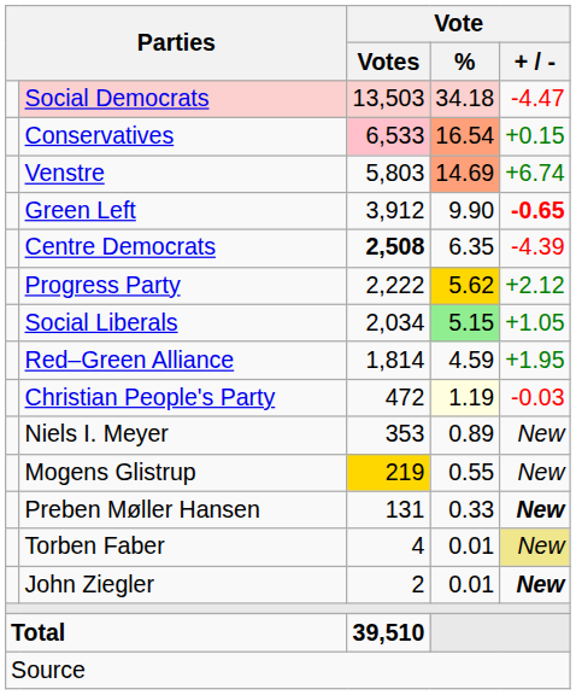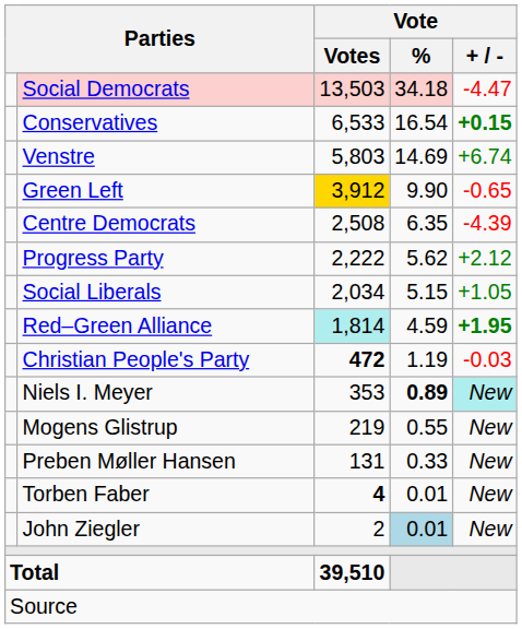 <table class="wikitable" style="text-align:right;">
 <tr>
 <th style="text-align:centre;" rowspan="2" colspan="2" width="225">Parties</th>
 <th colspan="3">Vote</th>
 </tr>
 <tr>
 <th width="15">Votes</th>
 <th width="15">%</th>
 <th width="15">+ / -</th>
 </tr>
 <tr>
 <td width="2" style="color:inherit;background:"></td>
 <td bgcolor=#fbd0ce  align="left"><a href='#'>Social Democrats</a></td>
 <td bgcolor=#fbd0ce>13,503</td>
 <td bgcolor=#fbd0ce>34.18</td>
 <td style=color:red;>-4.47</td>
 </tr>
 <tr>
 <td width="2" style="color:inherit;background:"></td>
 <td align="left"><a href='#'>Conservatives</a></td>
-<td style="background: pink;">6,533</td>
-<td style="background: lightsalmon;">16.54</td>
-<td style=color:green;>+0.15</td>
+<td>6,533</td>
+<td>16.54</td>
+<td style=color:green;><strong>+0.15</strong></td>
 </tr>
 <tr>
 <td width="2" style="color:inherit;background:"></td>
 <td align="left"><a href='#'>Venstre</a></td>
 <td>5,803</td>
-<td style="background: lightsalmon;">14.69</td>
+<td>14.69</td>
 <td style=color:green;>+6.74</td>
 </tr>
 <tr>
 <td width="2" style="color:inherit;background:"></td>
 <td align="left"><a href='#'>Green Left</a></td>
-<td>3,912</td>
+<td style="background: gold;">3,912</td>
 <td>9.90</td>
-<td style=color:red;><strong>-0.65</strong></td>
+<td style=color:red;>-0.65</td>
 </tr>
 <tr>
 <td width="2" style="color:inherit;background:"></td>
 <td align="left"><a href='#'>Centre Democrats</a></td>
-<td><strong>2,508</strong></td>
+<td>2,508</td>
 <td>6.35</td>
 <td style=color:red;>-4.39</td>
 </tr>
 <tr>
 <td width="2" style="color:inherit;background:"></td>
 <td align="left"><a href='#'>Progress Party</a></td>
 <td>2,222</td>
-<td style="background: gold;">5.62</td>
+<td>5.62</td>
 <td style=color:green;>+2.12</td>
 </tr>
 <tr>
 <td width="2" style="color:inherit;background:"></td>
 <td align="left"><a href='#'>Social Liberals</a></td>
 <td>2,034</td>
-<td style="background: lightgreen;">5.15</td>
+<td>5.15</td>
 <td style=color:green;>+1.05</td>
 </tr>
 <tr>
 <td width="2" style="color:inherit;background:"></td>
 <td align="left"><a href='#'>Red–Green Alliance</a></td>
-<td>1,814</td>
+<td style="background: paleturquoise;">1,814</td>
 <td>4.59</td>
-<td style=color:green;>+1.95</td>
+<td style=color:green;><strong>+1.95</strong></td>
 </tr>
 <tr>
 <td width="2" style="color:inherit;background:"></td>
 <td align="left"><a href='#'>Christian People's Party</a></td>
-<td>472</td>
-<td style="background: lightyellow;">1.19</td>
+<td><strong>472</strong></td>
+<td>1.19</td>
 <td style=color:red;>-0.03</td>
 </tr>
 <tr>
 <td width="2" style="color:inherit;background:"></td>
 <td align="left">Niels I. Meyer</td>
 <td>353</td>
-<td>0.89</td>
-<td><em>New</em></td>
+<td><strong>0.89</strong></td>
+<td style="background: paleturquoise;"><em>New</em></td>
 </tr>
 <tr>
 <td width="2" style="color:inherit;background:"></td>
 <td align="left">Mogens Glistrup</td>
-<td style="background: gold;">219</td>
+<td>219</td>
 <td>0.55</td>
 <td><em>New</em></td>
 </tr>
 <tr>
 <td width="2" style="color:inherit;background:"></td>
 <td align="left">Preben Møller Hansen</td>
 <td>131</td>
 <td>0.33</td>
-<td><strong><em>New</em></strong></td>
+<td><em>New</em></td>
 </tr>
 <tr>
 <td width="2" style="color:inherit;background:"></td>
 <td align="left">Torben Faber</td>
-<td>4</td>
+<td><strong>4</strong></td>
 <td>0.01</td>
-<td style="background: khaki;"><em>New</em></td>
+<td><em>New</em></td>
 </tr>
 <tr>
 <td width="2" style="color:inherit;background:"></td>
 <td align="left">John Ziegler</td>
 <td>2</td>
-<td>0.01</td>
-<td><strong><em>New</em></strong></td>
+<td style="background: lightblue;">0.01</td>
+<td><em>New</em></td>
 </tr>
 <tr>
 <td colspan="7" bgcolor="#E9E9E9"></td>
 </tr>
 <tr>
 <td align="left" colspan="2"><strong>Total</strong></td>
 <td><strong>39,510</strong></td>
 <td bgcolor="#E9E9E9" colspan="2"></td>
 </tr>
 <tr>
 <td align="left" colspan="6">Source</td>
 </tr>
 </table>
